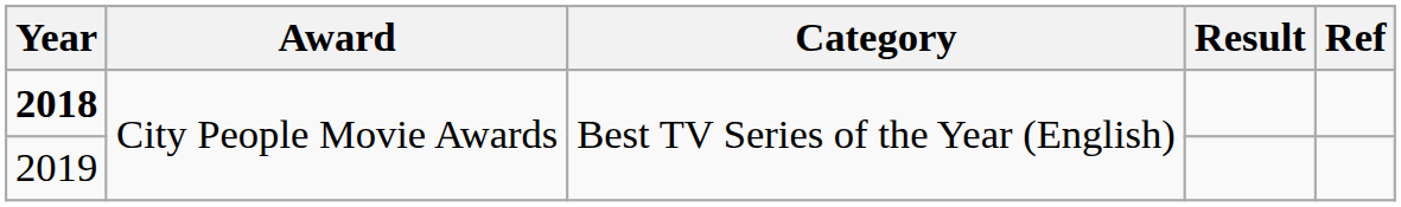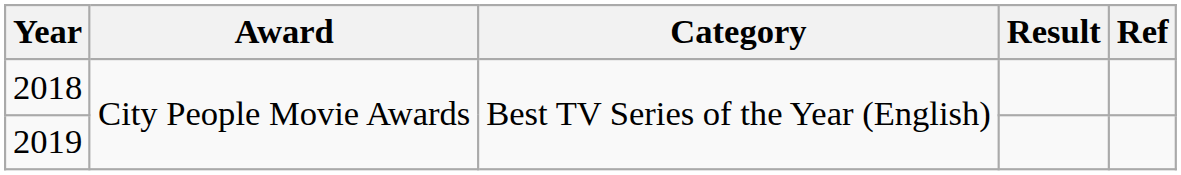 <table class="wikitable">
 <tr>
 <th>Year</th>
 <th>Award</th>
 <th>Category</th>
 <th>Result</th>
 <th>Ref</th>
 </tr>
 <tr>
-<td><strong>2018</strong></td>
+<td>2018</td>
 <td rowspan="2">City People Movie Awards</td>
 <td rowspan="2">Best TV Series of the Year (English)</td>
 <td></td>
 <td></td>
 </tr>
 <tr>
 <td>2019</td>
 <td></td>
 <td></td>
 </tr>
 </table>
